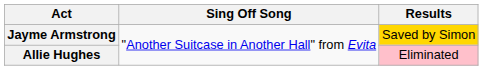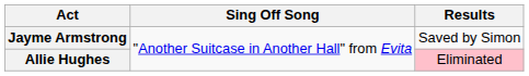 <table class="wikitable plainrowheaders" style="text-align:center;">
 <tr>
 <th scope="col">Act</th>
 <th scope="col">Sing Off Song</th>
 <th scope="col">Results</th>
 </tr>
 <tr>
 <th scope="row">Jayme Armstrong</th>
 <td rowspan="2">"<a href='#'>Another Suitcase in Another Hall</a>" from <em><a href='#'>Evita</a></em></td>
-<td style="background: gold;">Saved by Simon</td>
+<td>Saved by Simon</td>
 </tr>
 <tr>
 <th scope="row">Allie Hughes</th>
 <td style="background:pink;">Eliminated</td>
 </tr>
 </table>
